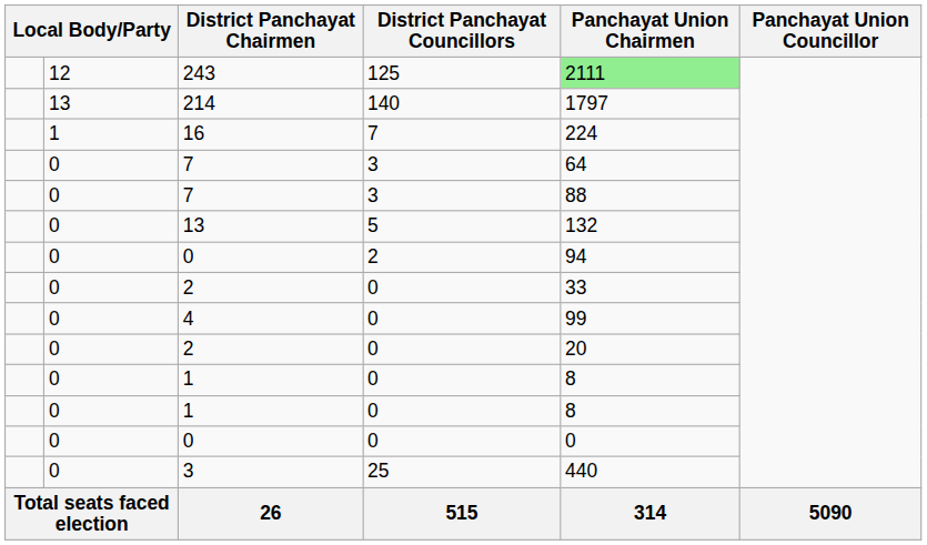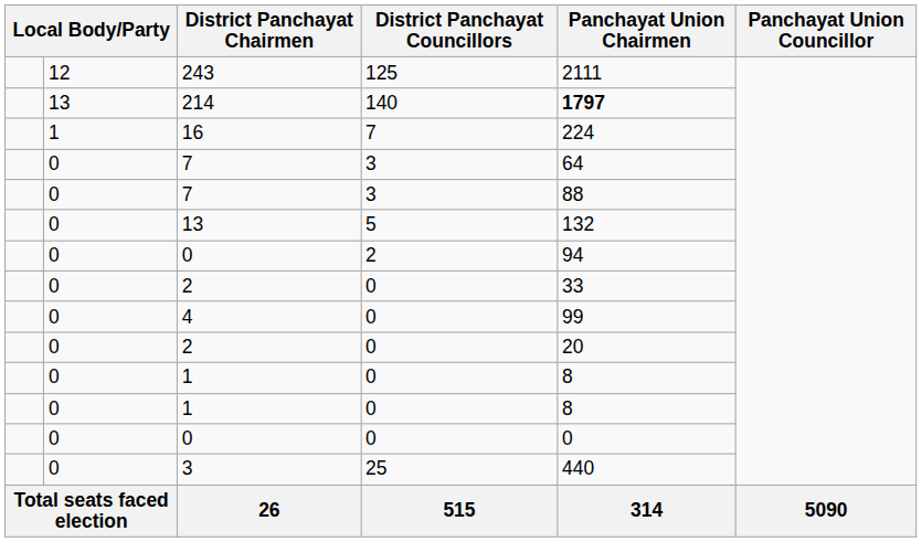 <table class="wikitable sortable" width="60%" style="font-size: x-big; font-family: arial">
 <tr>
 <th colspan="2">Local Body/Party</th>
 <th>District Panchayat Chairmen </th>
 <th>District Panchayat Councillors</th>
 <th>Panchayat Union Chairmen</th>
 <th>Panchayat Union Councillor</th>
 </tr>
 <tr>
 <td></td>
 <td>12</td>
 <td>243</td>
 <td>125</td>
-<td style="background: lightgreen;">2111</td>
+<td>2111</td>
 </tr>
 <tr>
 <td></td>
 <td>13</td>
 <td>214</td>
 <td>140</td>
-<td>1797</td>
+<td><strong>1797</strong></td>
 </tr>
 <tr>
 <td></td>
 <td>1</td>
 <td>16</td>
 <td>7</td>
 <td>224</td>
 </tr>
 <tr>
 <td></td>
 <td>0</td>
 <td>7</td>
 <td>3</td>
 <td>64</td>
 </tr>
 <tr>
 <td></td>
 <td>0</td>
 <td>7</td>
 <td>3</td>
 <td>88</td>
 </tr>
 <tr>
 <td></td>
 <td>0</td>
 <td>13</td>
 <td>5</td>
 <td>132</td>
 </tr>
 <tr>
 <td></td>
 <td>0</td>
 <td>0</td>
 <td>2</td>
 <td>94</td>
 </tr>
 <tr>
 <td></td>
 <td>0</td>
 <td>2</td>
 <td>0</td>
 <td>33</td>
 </tr>
 <tr>
 <td></td>
 <td>0</td>
 <td>4</td>
 <td>0</td>
 <td>99</td>
 </tr>
 <tr>
 <td></td>
 <td>0</td>
 <td>2</td>
 <td>0</td>
 <td>20</td>
 </tr>
 <tr>
 <td></td>
 <td>0</td>
 <td>1</td>
 <td>0</td>
 <td>8</td>
 </tr>
 <tr>
 <td></td>
 <td>0</td>
 <td>1</td>
 <td>0</td>
 <td>8</td>
 </tr>
 <tr>
 <td></td>
 <td>0</td>
 <td>0</td>
 <td>0</td>
 <td>0</td>
 </tr>
 <tr>
 <td></td>
 <td>0</td>
 <td>3</td>
 <td>25</td>
 <td>440</td>
 </tr>
 <tr class=sortbottom>
 <th colspan="2">Total seats faced election</th>
 <th>26</th>
 <th>515</th>
 <th>314</th>
 <th>5090</th>
 </tr>
 </table>
